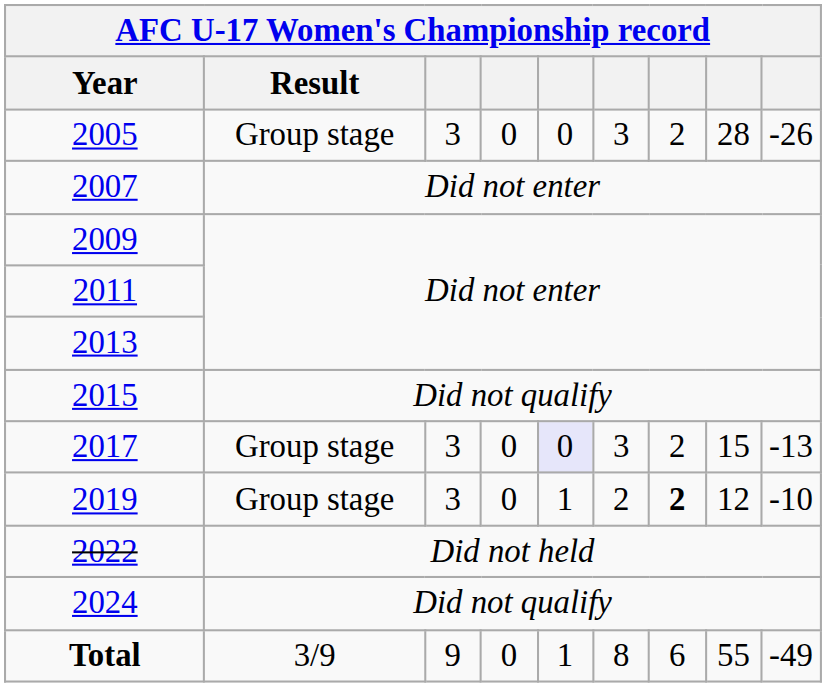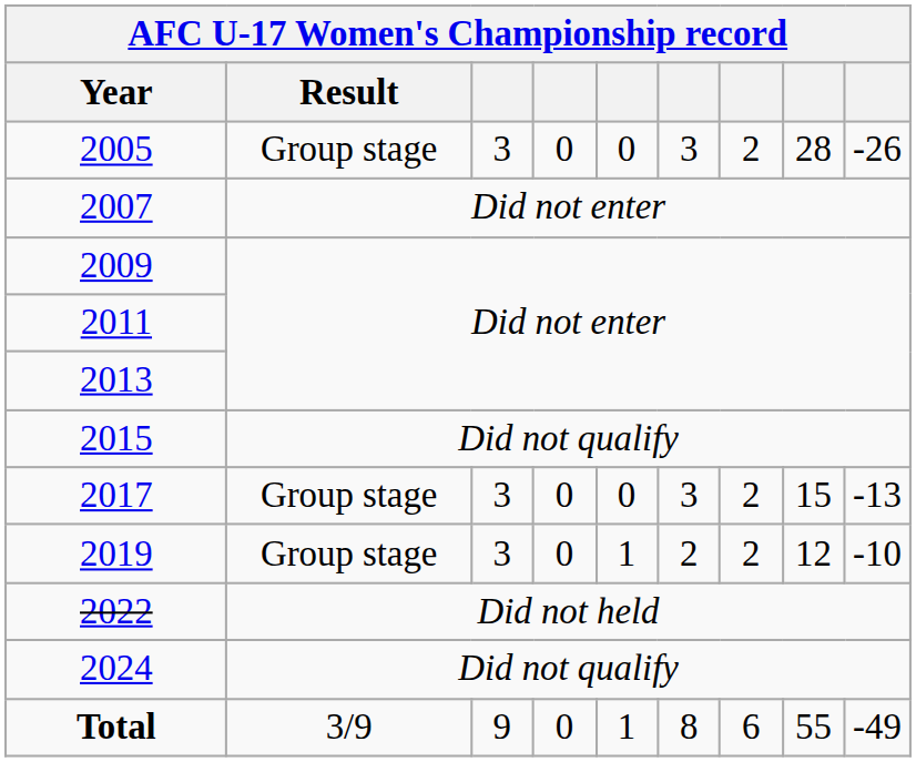 <table class="wikitable" style="text-align: center;">
 <tr>
 <th colspan="9"><a href='#'>AFC U-17 Women's Championship record</a></th>
 </tr>
 <tr>
 <th width="90">Year</th>
 <th width="100">Result</th>
 <th width="20"></th>
 <th width="20"></th>
 <th width="20"></th>
 <th width="20"></th>
 <th width="20"></th>
 <th width="20"></th>
 <th width=20></th>
 </tr>
 <tr>
 <td> <a href='#'>2005</a></td>
 <td>Group stage</td>
 <td>3</td>
 <td>0</td>
 <td>0</td>
 <td>3</td>
 <td>2</td>
 <td>28</td>
 <td>-26</td>
 </tr>
 <tr>
 <td> <a href='#'>2007</a></td>
 <td colspan=8><em>Did not enter</em></td>
 </tr>
 <tr>
 <td> <a href='#'>2009</a></td>
 <td rowspan=3 colspan=8><em>Did not enter</em></td>
 </tr>
 <tr>
 <td> <a href='#'>2011</a></td>
 </tr>
 <tr>
 <td> <a href='#'>2013</a></td>
 </tr>
 <tr>
 <td> <a href='#'>2015</a></td>
 <td colspan=8><em>Did not qualify</em></td>
 </tr>
 <tr>
 <td> <a href='#'>2017</a></td>
 <td>Group stage</td>
 <td>3</td>
 <td>0</td>
-<td style="background: lavender;">0</td>
+<td>0</td>
 <td>3</td>
 <td>2</td>
 <td>15</td>
 <td>-13</td>
 </tr>
 <tr>
 <td> <a href='#'>2019</a></td>
 <td>Group stage</td>
 <td>3</td>
 <td>0</td>
 <td>1</td>
 <td>2</td>
-<td><strong>2</strong></td>
+<td>2</td>
 <td>12</td>
 <td>-10</td>
 </tr>
 <tr>
 <td> <s><a href='#'>2022</a></s></td>
 <td colspan=8><em>Did not held</em></td>
 </tr>
 <tr>
 <td> <a href='#'>2024</a></td>
 <td colspan=8><em>Did not qualify</em></td>
 </tr>
 <tr>
 <td><strong>Total</strong></td>
 <td>3/9</td>
 <td>9</td>
 <td>0</td>
 <td>1</td>
 <td>8</td>
 <td>6</td>
 <td>55</td>
 <td>-49</td>
 </tr>
 </table>
